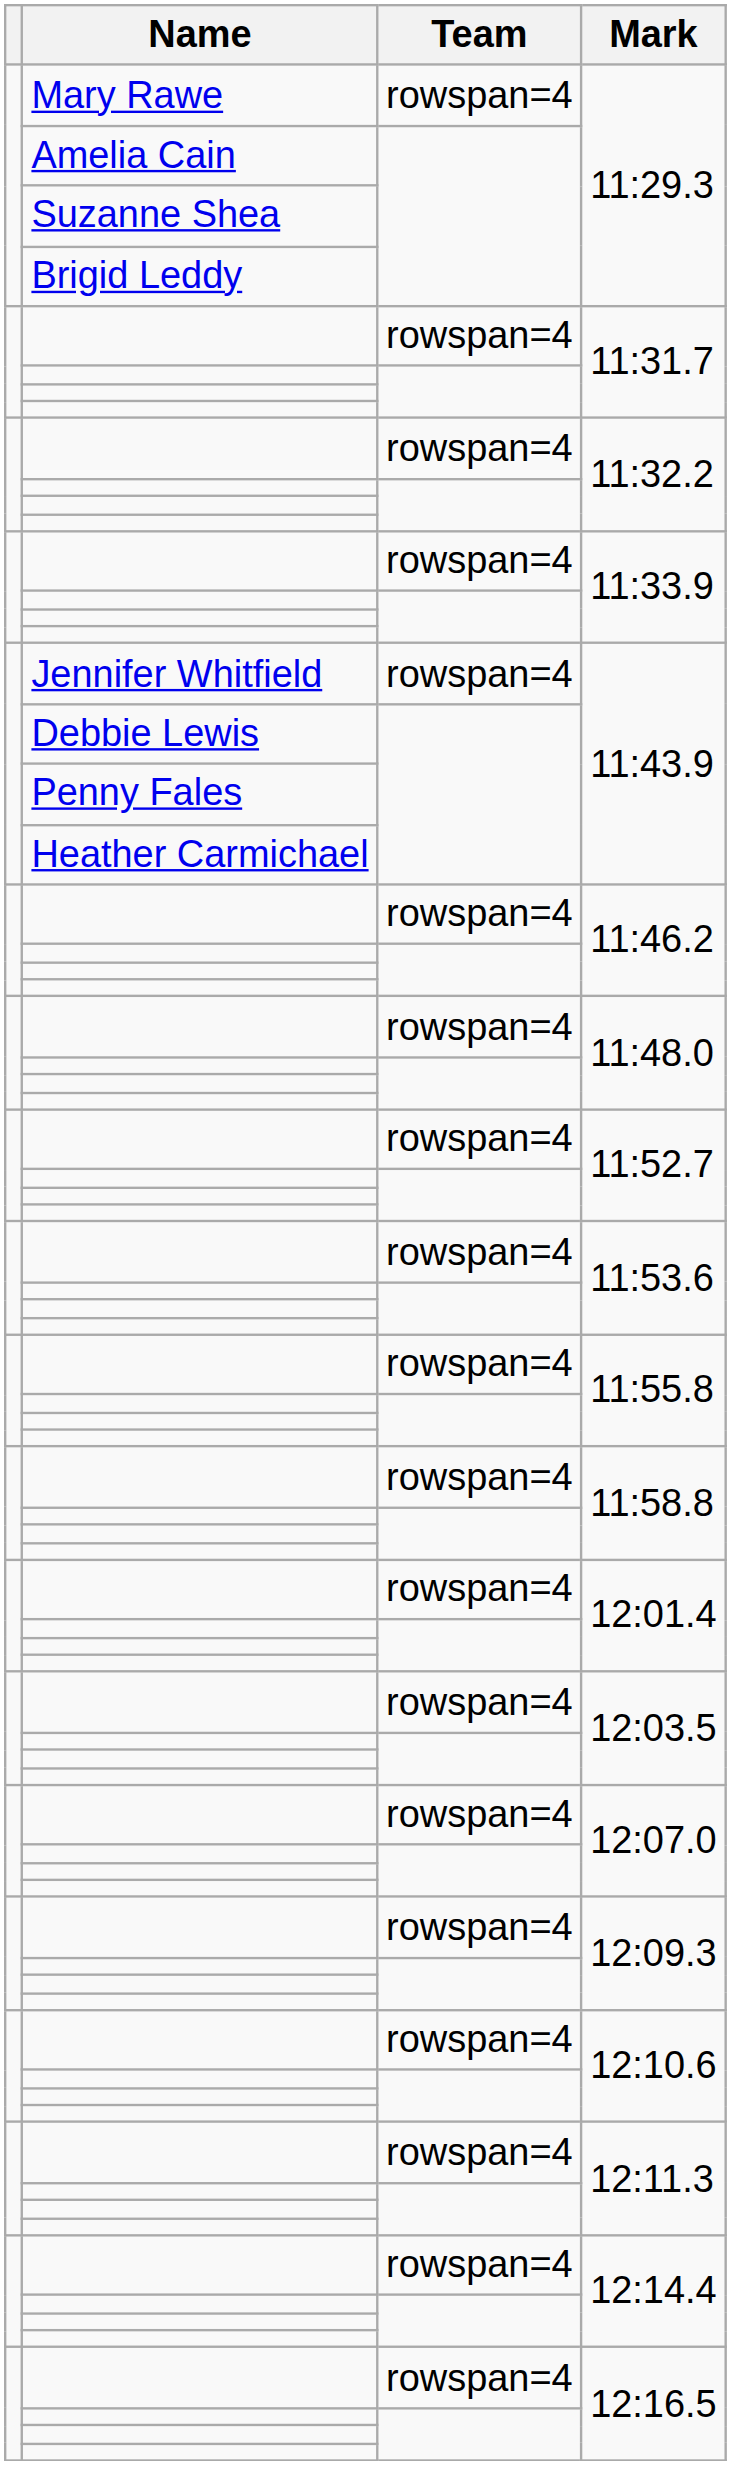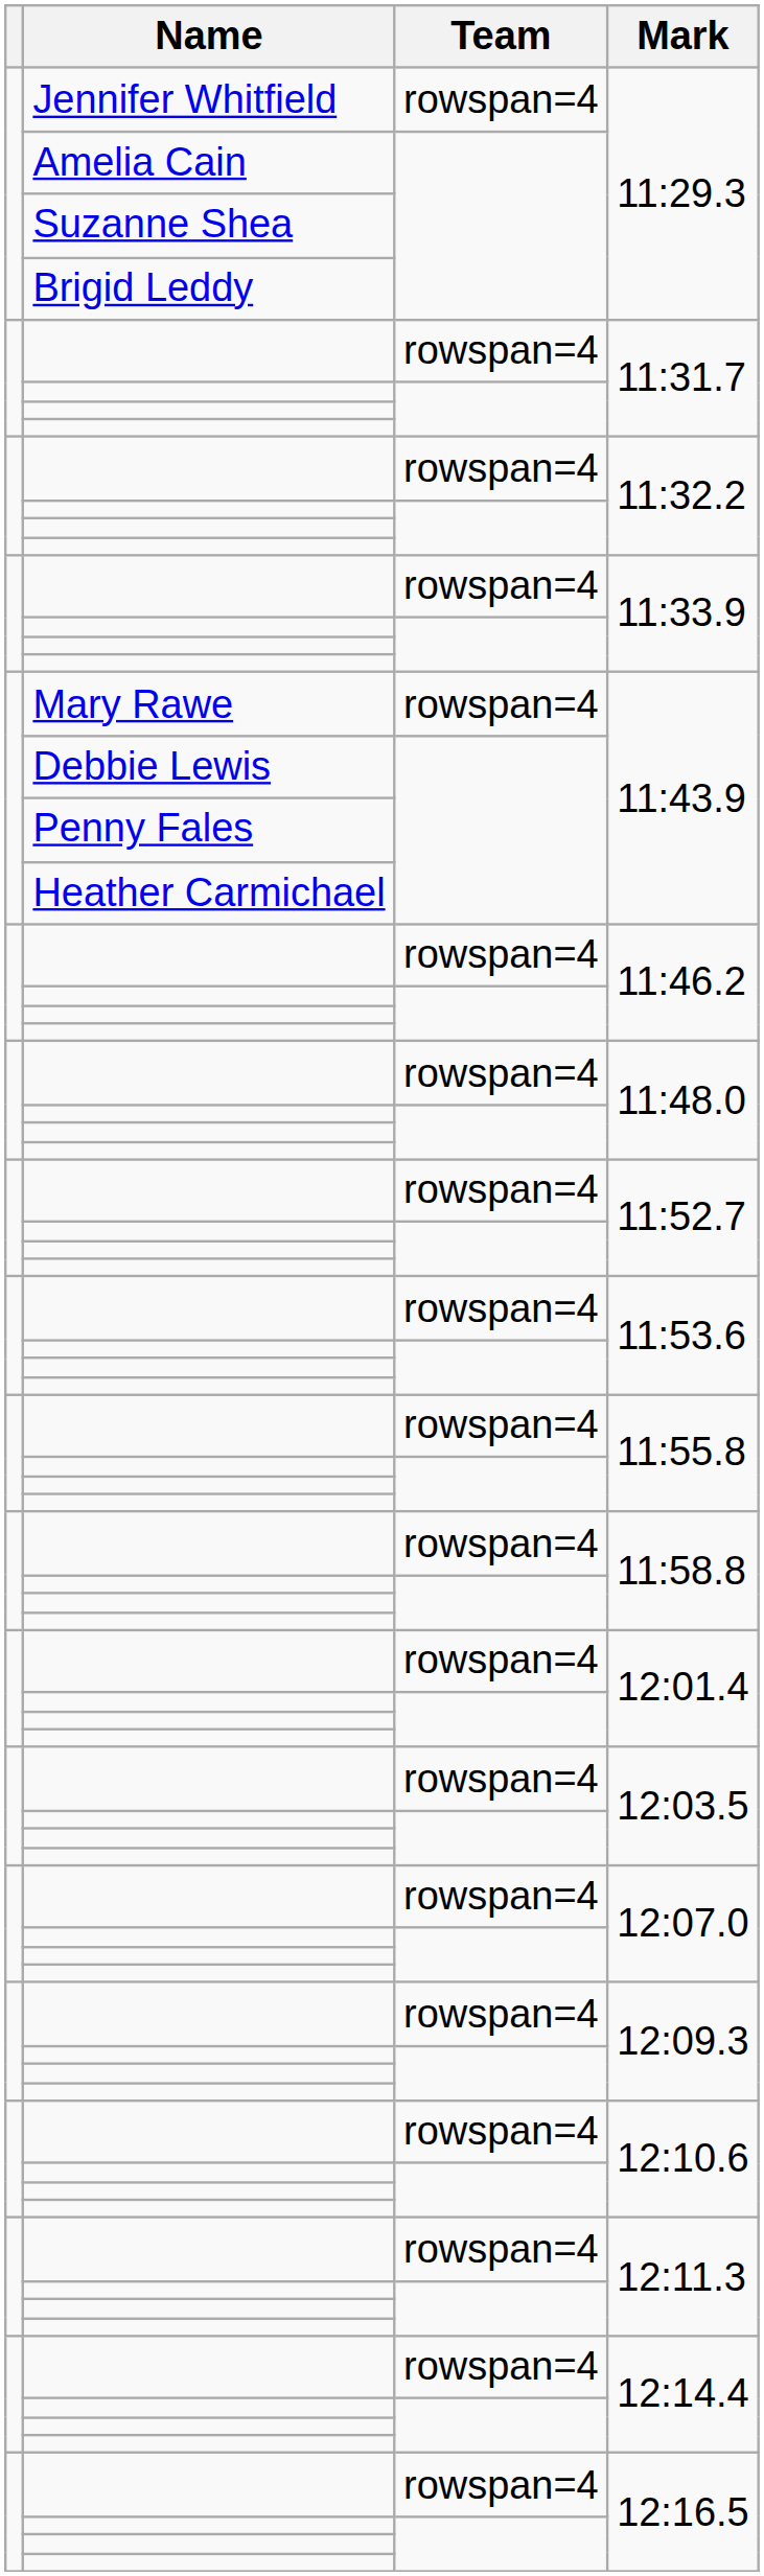 <table class=wikitable>
 <tr>
 <th></th>
 <th>Name</th>
 <th>Team</th>
 <th>Mark</th>
 </tr>
 <tr>
 <td rowspan=4></td>
-<td><a href='#'>Mary Rawe</a></td>
+<td><a href='#'>Jennifer Whitfield</a></td>
 <td>rowspan=4 </td>
 <td rowspan=4>11:29.3</td>
 </tr>
 <tr>
 <td><a href='#'>Amelia Cain</a></td>
 </tr>
 <tr>
 <td><a href='#'>Suzanne Shea</a></td>
 </tr>
 <tr>
 <td><a href='#'>Brigid Leddy</a></td>
 </tr>
 <tr>
 <td rowspan=4></td>
 <td></td>
 <td>rowspan=4 </td>
 <td rowspan=4>11:31.7</td>
 </tr>
 <tr>
 <td></td>
 </tr>
 <tr>
 <td></td>
 </tr>
 <tr>
 <td></td>
 </tr>
 <tr>
 <td rowspan=4></td>
 <td></td>
 <td>rowspan=4 </td>
 <td rowspan=4>11:32.2</td>
 </tr>
 <tr>
 <td></td>
 </tr>
 <tr>
 <td></td>
 </tr>
 <tr>
 <td></td>
 </tr>
 <tr>
 <td rowspan=4></td>
 <td></td>
 <td>rowspan=4 </td>
 <td rowspan=4>11:33.9</td>
 </tr>
 <tr>
 <td></td>
 </tr>
 <tr>
 <td></td>
 </tr>
 <tr>
 <td></td>
 </tr>
 <tr>
 <td rowspan=4></td>
-<td><a href='#'>Jennifer Whitfield</a></td>
+<td><a href='#'>Mary Rawe</a></td>
 <td>rowspan=4 </td>
 <td rowspan=4>11:43.9</td>
 </tr>
 <tr>
 <td><a href='#'>Debbie Lewis</a></td>
 </tr>
 <tr>
 <td><a href='#'>Penny Fales</a></td>
 </tr>
 <tr>
 <td><a href='#'>Heather Carmichael</a></td>
 </tr>
 <tr>
 <td rowspan=4></td>
 <td></td>
 <td>rowspan=4 </td>
 <td rowspan=4>11:46.2</td>
 </tr>
 <tr>
 <td></td>
 </tr>
 <tr>
 <td></td>
 </tr>
 <tr>
 <td></td>
 </tr>
 <tr>
 <td rowspan=4></td>
 <td></td>
 <td>rowspan=4 </td>
 <td rowspan=4>11:48.0</td>
 </tr>
 <tr>
 <td></td>
 </tr>
 <tr>
 <td></td>
 </tr>
 <tr>
 <td></td>
 </tr>
 <tr>
 <td rowspan=4></td>
 <td></td>
 <td>rowspan=4 </td>
 <td rowspan=4>11:52.7</td>
 </tr>
 <tr>
 <td></td>
 </tr>
 <tr>
 <td></td>
 </tr>
 <tr>
 <td></td>
 </tr>
 <tr>
 <td rowspan=4></td>
 <td></td>
 <td>rowspan=4 </td>
 <td rowspan=4>11:53.6</td>
 </tr>
 <tr>
 <td></td>
 </tr>
 <tr>
 <td></td>
 </tr>
 <tr>
 <td></td>
 </tr>
 <tr>
 <td rowspan=4></td>
 <td></td>
 <td>rowspan=4 </td>
 <td rowspan=4>11:55.8</td>
 </tr>
 <tr>
 <td></td>
 </tr>
 <tr>
 <td></td>
 </tr>
 <tr>
 <td></td>
 </tr>
 <tr>
 <td rowspan=4></td>
 <td></td>
 <td>rowspan=4 </td>
 <td rowspan=4>11:58.8</td>
 </tr>
 <tr>
 <td></td>
 </tr>
 <tr>
 <td></td>
 </tr>
 <tr>
 <td></td>
 </tr>
 <tr>
 <td rowspan=4></td>
 <td></td>
 <td>rowspan=4 </td>
 <td rowspan=4>12:01.4</td>
 </tr>
 <tr>
 <td></td>
 </tr>
 <tr>
 <td></td>
 </tr>
 <tr>
 <td></td>
 </tr>
 <tr>
 <td rowspan=4></td>
 <td></td>
 <td>rowspan=4 </td>
 <td rowspan=4>12:03.5</td>
 </tr>
 <tr>
 <td></td>
 </tr>
 <tr>
 <td></td>
 </tr>
 <tr>
 <td></td>
 </tr>
 <tr>
 <td rowspan=4></td>
 <td></td>
 <td>rowspan=4 </td>
 <td rowspan=4>12:07.0</td>
 </tr>
 <tr>
 <td></td>
 </tr>
 <tr>
 <td></td>
 </tr>
 <tr>
 <td></td>
 </tr>
 <tr>
 <td rowspan=4></td>
 <td></td>
 <td>rowspan=4 </td>
 <td rowspan=4>12:09.3</td>
 </tr>
 <tr>
 <td></td>
 </tr>
 <tr>
 <td></td>
 </tr>
 <tr>
 <td></td>
 </tr>
 <tr>
 <td rowspan=4></td>
 <td></td>
 <td>rowspan=4 </td>
 <td rowspan=4>12:10.6</td>
 </tr>
 <tr>
 <td></td>
 </tr>
 <tr>
 <td></td>
 </tr>
 <tr>
 <td></td>
 </tr>
 <tr>
 <td rowspan=4></td>
 <td></td>
 <td>rowspan=4 </td>
 <td rowspan=4>12:11.3</td>
 </tr>
 <tr>
 <td></td>
 </tr>
 <tr>
 <td></td>
 </tr>
 <tr>
 <td></td>
 </tr>
 <tr>
 <td rowspan=4></td>
 <td></td>
 <td>rowspan=4 </td>
 <td rowspan=4>12:14.4</td>
 </tr>
 <tr>
 <td></td>
 </tr>
 <tr>
 <td></td>
 </tr>
 <tr>
 <td></td>
 </tr>
 <tr>
 <td rowspan=4></td>
 <td></td>
 <td>rowspan=4 </td>
 <td rowspan=4>12:16.5</td>
 </tr>
 <tr>
 <td></td>
 </tr>
 <tr>
 <td></td>
 </tr>
 <tr>
 <td></td>
 </tr>
 </table>
